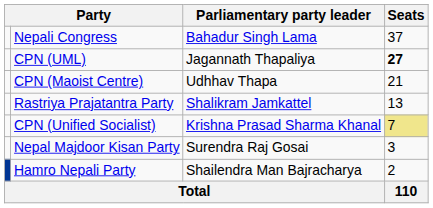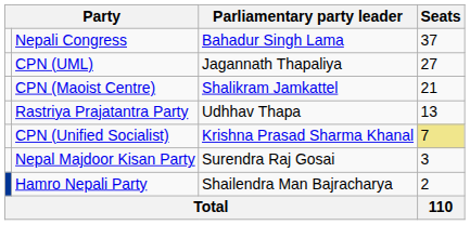 <table class="wikitable">
 <tr>
 <th colspan="2">Party</th>
 <th>Parliamentary party leader</th>
 <th>Seats</th>
 </tr>
 <tr>
 <td></td>
 <td><a href='#'>Nepali Congress</a></td>
 <td><a href='#'>Bahadur Singh Lama</a></td>
 <td>37</td>
 </tr>
 <tr>
 <td></td>
 <td><a href='#'>CPN (UML)</a></td>
 <td>Jagannath Thapaliya</td>
-<td><strong>27</strong></td>
+<td>27</td>
 </tr>
 <tr>
 <td></td>
 <td><a href='#'>CPN (Maoist Centre)</a></td>
-<td>Udhhav Thapa</td>
+<td><a href='#'>Shalikram Jamkattel</a></td>
 <td>21</td>
 </tr>
 <tr>
 <td></td>
 <td><a href='#'>Rastriya Prajatantra Party</a></td>
-<td><a href='#'>Shalikram Jamkattel</a></td>
+<td>Udhhav Thapa</td>
 <td>13</td>
 </tr>
 <tr>
 <td></td>
 <td><a href='#'>CPN (Unified Socialist)</a></td>
 <td><a href='#'>Krishna Prasad Sharma Khanal</a></td>
 <td style="background: khaki;">7</td>
 </tr>
 <tr>
 <td></td>
 <td><a href='#'>Nepal Majdoor Kisan Party</a></td>
 <td>Surendra Raj Gosai</td>
 <td>3</td>
 </tr>
 <tr>
 <td bgcolor="#003594"></td>
 <td><a href='#'>Hamro Nepali Party</a></td>
 <td>Shailendra Man Bajracharya</td>
 <td>2</td>
 </tr>
 <tr>
 <th colspan="3">Total</th>
 <th>110</th>
 </tr>
 </table>
